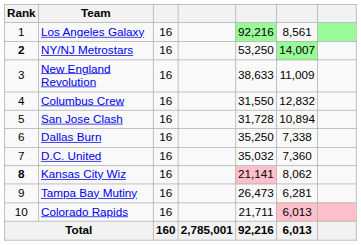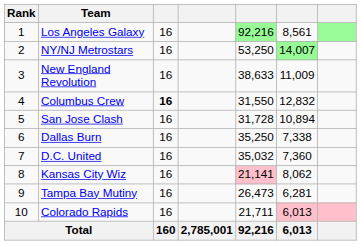 <table class="wikitable sortable" style=text-align:center>
 <tr>
 <th width=25>Rank</th>
 <th width=150>Team</th>
 <th></th>
 <th width=45></th>
 <th width=45></th>
 <th width=45></th>
 <th width=45></th>
 </tr>
 <tr>
 <td>1</td>
 <td align=left><a href='#'>Los Angeles Galaxy</a></td>
 <td>16</td>
 <td></td>
 <td bgcolor="#98fb98">92,216</td>
 <td>8,561</td>
 <td bgcolor="#98fb98"></td>
 </tr>
 <tr>
-<td><strong>2</strong></td>
+<td>2</td>
 <td align=left><a href='#'>NY/NJ Metrostars</a></td>
 <td>16</td>
 <td></td>
 <td>53,250</td>
 <td bgcolor="#98fb98">14,007</td>
 <td></td>
 </tr>
 <tr>
 <td>3</td>
 <td align=left><a href='#'>New England Revolution</a></td>
 <td>16</td>
 <td></td>
 <td>38,633</td>
 <td>11,009</td>
 <td></td>
 </tr>
 <tr>
 <td>4</td>
 <td align=left><a href='#'>Columbus Crew</a></td>
-<td>16</td>
+<td><strong>16</strong></td>
 <td></td>
 <td>31,550</td>
 <td>12,832</td>
 <td></td>
 </tr>
 <tr>
 <td>5</td>
 <td align=left><a href='#'>San Jose Clash</a></td>
 <td>16</td>
 <td></td>
 <td>31,728</td>
 <td>10,894</td>
 <td></td>
 </tr>
 <tr>
 <td>6</td>
 <td align=left><a href='#'>Dallas Burn</a></td>
 <td>16</td>
 <td></td>
 <td>35,250</td>
 <td>7,338</td>
 <td></td>
 </tr>
 <tr>
 <td>7</td>
 <td align=left><a href='#'>D.C. United</a></td>
 <td>16</td>
 <td></td>
 <td>35,032</td>
 <td>7,360</td>
 <td></td>
 </tr>
 <tr>
-<td><strong>8</strong></td>
+<td>8</td>
 <td align=left><a href='#'>Kansas City Wiz</a></td>
 <td>16</td>
 <td></td>
 <td bgcolor="#ffc)cb">21,141</td>
 <td>8,062</td>
 <td></td>
 </tr>
 <tr>
 <td>9</td>
 <td align=left><a href='#'>Tampa Bay Mutiny</a></td>
 <td>16</td>
 <td></td>
 <td>26,473</td>
 <td>6,281</td>
 <td></td>
 </tr>
 <tr>
 <td>10</td>
 <td align=left><a href='#'>Colorado Rapids</a></td>
 <td>16</td>
 <td></td>
 <td>21,711</td>
 <td bgcolor="#ffc)cb">6,013</td>
 <td bgcolor="#ffc)cb"></td>
 </tr>
 <tr>
 <th colspan=2>Total</th>
 <th>160</th>
 <th>2,785,001</th>
 <th>92,216</th>
 <th>6,013</th>
 <th></th>
 </tr>
 </table>
